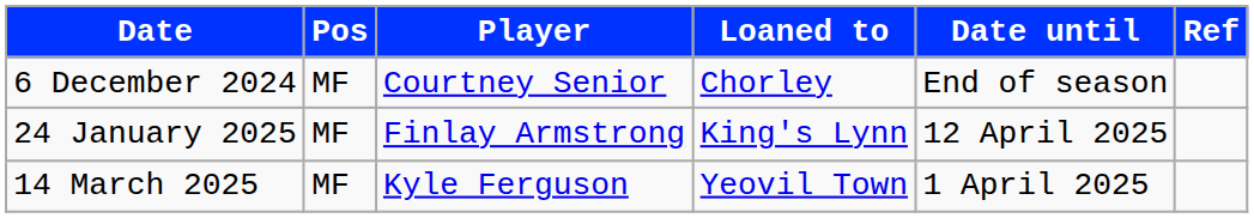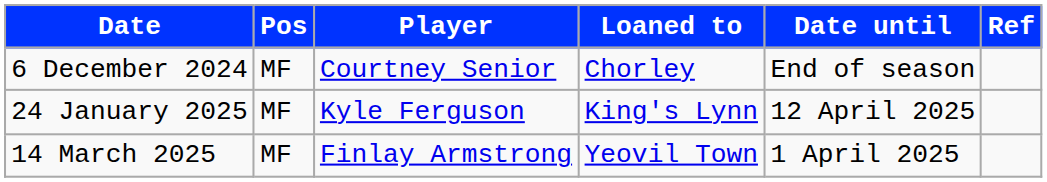 <table class="wikitable plainrowheaders sortable">
 <tr>
 <th style="background:#03f;color:#fff;">Date</th>
 <th style="background:#03f;color:#fff;">Pos</th>
 <th style="background:#03f;color:#fff;">Player</th>
 <th style="background:#03f;color:#fff;">Loaned to</th>
 <th style="background:#03f;color:#fff;">Date until</th>
 <th style="background:#03f;color:#fff;">Ref</th>
 </tr>
 <tr>
 <td>6 December 2024</td>
 <td>MF</td>
 <td> <a href='#'>Courtney Senior</a></td>
 <td> <a href='#'>Chorley</a></td>
 <td>End of season</td>
 <td></td>
 </tr>
 <tr>
 <td>24 January 2025</td>
 <td>MF</td>
-<td> <a href='#'>Finlay Armstrong</a></td>
+<td> <a href='#'>Kyle Ferguson</a></td>
 <td> <a href='#'>King's Lynn</a></td>
 <td>12 April 2025</td>
 <td></td>
 </tr>
 <tr>
 <td>14 March 2025</td>
 <td>MF</td>
-<td> <a href='#'>Kyle Ferguson</a></td>
+<td> <a href='#'>Finlay Armstrong</a></td>
 <td> <a href='#'>Yeovil Town</a></td>
 <td>1 April 2025</td>
 <td></td>
 </tr>
 </table>
